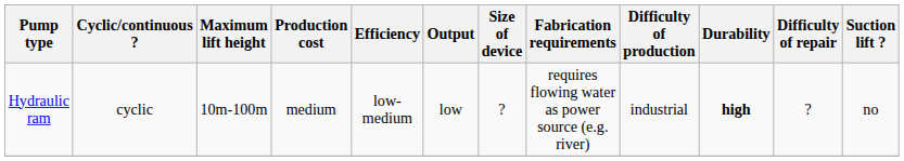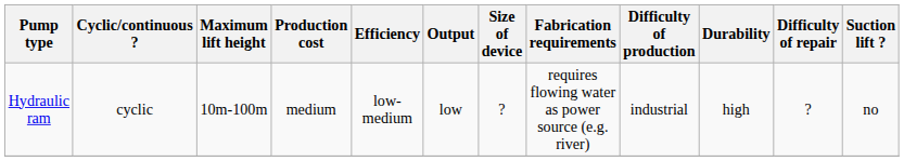 <table class="wikitable" style="text-align: center; width: auto;">
 <tr>
 <th>Pump type</th>
 <th>Cyclic/continuous ?</th>
 <th>Maximum lift height</th>
 <th>Production cost</th>
 <th>Efficiency</th>
 <th>Output</th>
 <th>Size of device</th>
 <th>Fabrication requirements</th>
 <th>Difficulty of production</th>
 <th>Durability</th>
 <th>Difficulty of repair</th>
 <th>Suction lift ?</th>
 </tr>
 <tr>
 <td><a href='#'>Hydraulic ram</a></td>
 <td>cyclic</td>
 <td>10m-100m</td>
 <td>medium</td>
 <td>low-medium</td>
 <td>low</td>
 <td>?</td>
 <td>requires flowing water as power source (e.g. river)</td>
 <td>industrial</td>
-<td><strong>high</strong></td>
+<td>high</td>
 <td>?</td>
 <td>no</td>
 </tr>
 <tr>
 </tr>
 </table>
